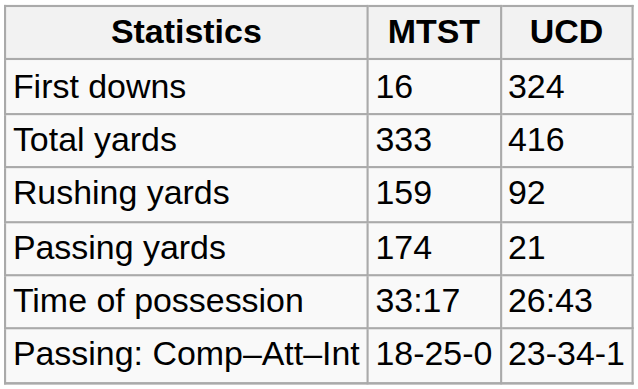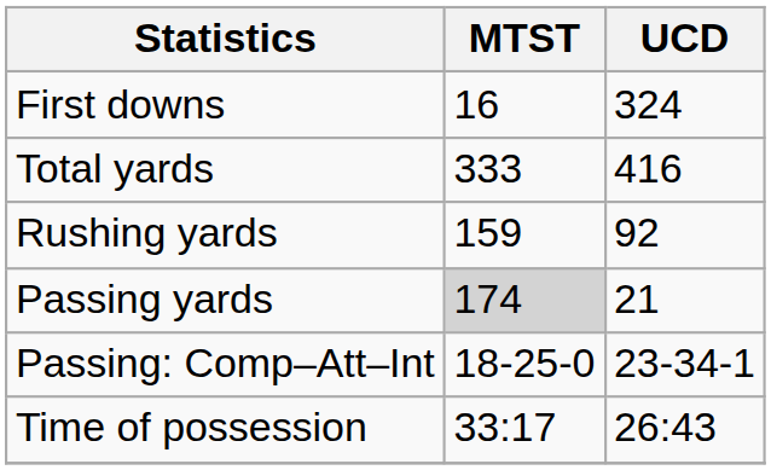 <table class="wikitable" style="float: left;">
 <tr>
 <th>Statistics</th>
 <th>MTST</th>
 <th>UCD</th>
 </tr>
 <tr>
 <td>First downs</td>
 <td>16</td>
 <td>324</td>
 </tr>
 <tr>
 <td>Total yards</td>
 <td>333</td>
 <td>416</td>
 </tr>
 <tr>
 <td>Rushing yards</td>
 <td>159</td>
 <td>92</td>
 </tr>
 <tr>
 <td>Passing yards</td>
-<td>174</td>
+<td style="background: lightgrey;">174</td>
 <td>21</td>
+</tr>
+<tr>
+<td>Passing: Comp–Att–Int</td>
+<td>18-25-0</td>
+<td>23-34-1</td>
 </tr>
 <tr>
 <td>Time of possession</td>
 <td>33:17</td>
 <td>26:43</td>
 </tr>
 <tr>
-<td>Passing: Comp–Att–Int</td>
-<td>18-25-0</td>
-<td>23-34-1</td>
-</tr>
-<tr>
 </tr>
 </table>
